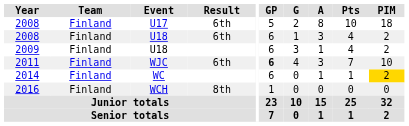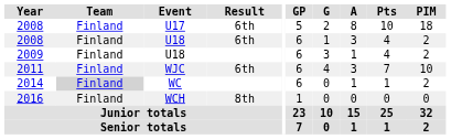 <table border="0" cellpadding="1" cellspacing="0" ID="Table3" style="text-align:center; width:40em;">
 <tr bgcolor="#e0e0e0">
 <th>Year</th>
 <th>Team</th>
 <th>Event</th>
 <th>Result</th>
 <th rowspan="99" bgcolor="#ffffff"></th>
 <th>GP</th>
 <th>G</th>
 <th>A</th>
 <th>Pts</th>
 <th>PIM</th>
 </tr>
 <tr>
 <td><a href='#'>2008</a></td>
 <td><a href='#'>Finland</a></td>
 <td><a href='#'>U17</a></td>
 <td>6th</td>
 <td>5</td>
 <td>2</td>
 <td>8</td>
 <td>10</td>
 <td>18</td>
 </tr>
 <tr bgcolor="#f0f0f0">
 <td><a href='#'>2008</a></td>
 <td>Finland</td>
 <td><a href='#'>U18</a></td>
 <td>6th</td>
 <td>6</td>
 <td>1</td>
 <td>3</td>
 <td>4</td>
 <td>2</td>
 </tr>
 <tr>
 <td><a href='#'>2009</a></td>
 <td>Finland</td>
 <td>U18</td>
 <td></td>
 <td>6</td>
 <td>3</td>
 <td>1</td>
 <td>4</td>
 <td>2</td>
 </tr>
 <tr bgcolor="#f0f0f0">
 <td><a href='#'>2011</a></td>
 <td><a href='#'>Finland</a></td>
 <td><a href='#'>WJC</a></td>
 <td>6th</td>
-<td><strong>6</strong></td>
+<td>6</td>
 <td>4</td>
 <td>3</td>
 <td>7</td>
 <td>10</td>
 </tr>
 <tr>
 <td><a href='#'>2014</a></td>
-<td><a href='#'>Finland</a></td>
+<td style="background: lightgrey;"><a href='#'>Finland</a></td>
 <td><a href='#'>WC</a></td>
 <td></td>
 <td>6</td>
 <td>0</td>
 <td>1</td>
 <td>1</td>
-<td style="background: gold;">2</td>
+<td>2</td>
 </tr>
 <tr bgcolor="#f0f0f0">
 <td><a href='#'>2016</a></td>
 <td>Finland</td>
 <td><a href='#'>WCH</a></td>
 <td>8th</td>
 <td>1</td>
 <td>0</td>
 <td>0</td>
 <td>0</td>
 <td>0</td>
 </tr>
 <tr bgcolor="#e0e0e0">
 <th colspan=4>Junior totals</th>
 <th>23</th>
 <th>10</th>
 <th>15</th>
 <th>25</th>
 <th>32</th>
 </tr>
 <tr bgcolor="#e0e0e0">
 <th colspan=4>Senior totals</th>
 <th>7</th>
 <th>0</th>
 <th>1</th>
 <th>1</th>
 <th>2</th>
 </tr>
 </table>
